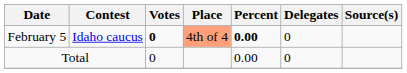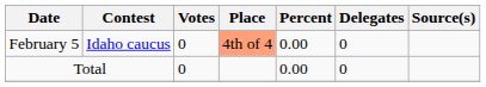 <table class="wikitable sortable" border="1">
 <tr>
 <th scope="col">Date</th>
 <th scope="col">Contest</th>
 <th scope="col">Votes</th>
 <th scope="col">Place</th>
 <th scope="col">Percent</th>
 <th scope="col">Delegates</th>
 <th scope="col">Source(s)</th>
 </tr>
 <tr>
 <td>February 5</td>
 <td><a href='#'>Idaho caucus</a></td>
-<td><strong>0</strong></td>
+<td>0</td>
 <td style="background: lightsalmon;">4th of 4</td>
-<td><strong>0.00</strong></td>
+<td>0.00</td>
 <td>0</td>
 <td><em></em></td>
 </tr>
 <tr>
 <td colspan=2 align=center>Total</td>
 <td>0</td>
 <td></td>
 <td>0.00</td>
 <td>0</td>
 <td></td>
 </tr>
 <tr>
 </tr>
 </table>
